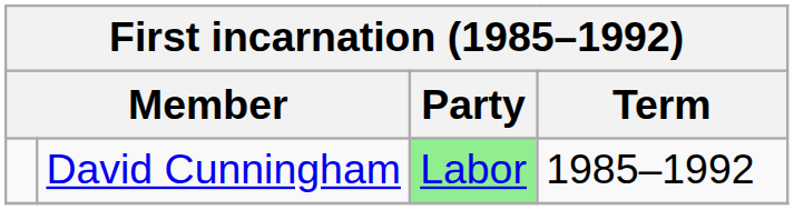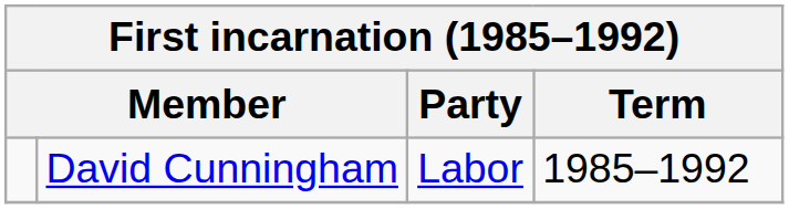 <table class="wikitable">
 <tr>
 <th colspan="4">First incarnation (1985–1992)</th>
 </tr>
 <tr>
 <th colspan="2">Member</th>
 <th>Party</th>
 <th>Term</th>
 </tr>
 <tr>
 <td> </td>
 <td><a href='#'>David Cunningham</a></td>
-<td style="background: lightgreen;"><a href='#'>Labor</a></td>
+<td><a href='#'>Labor</a></td>
 <td>1985–1992  </td>
 </tr>
 <tr>
 </tr>
 </table>
